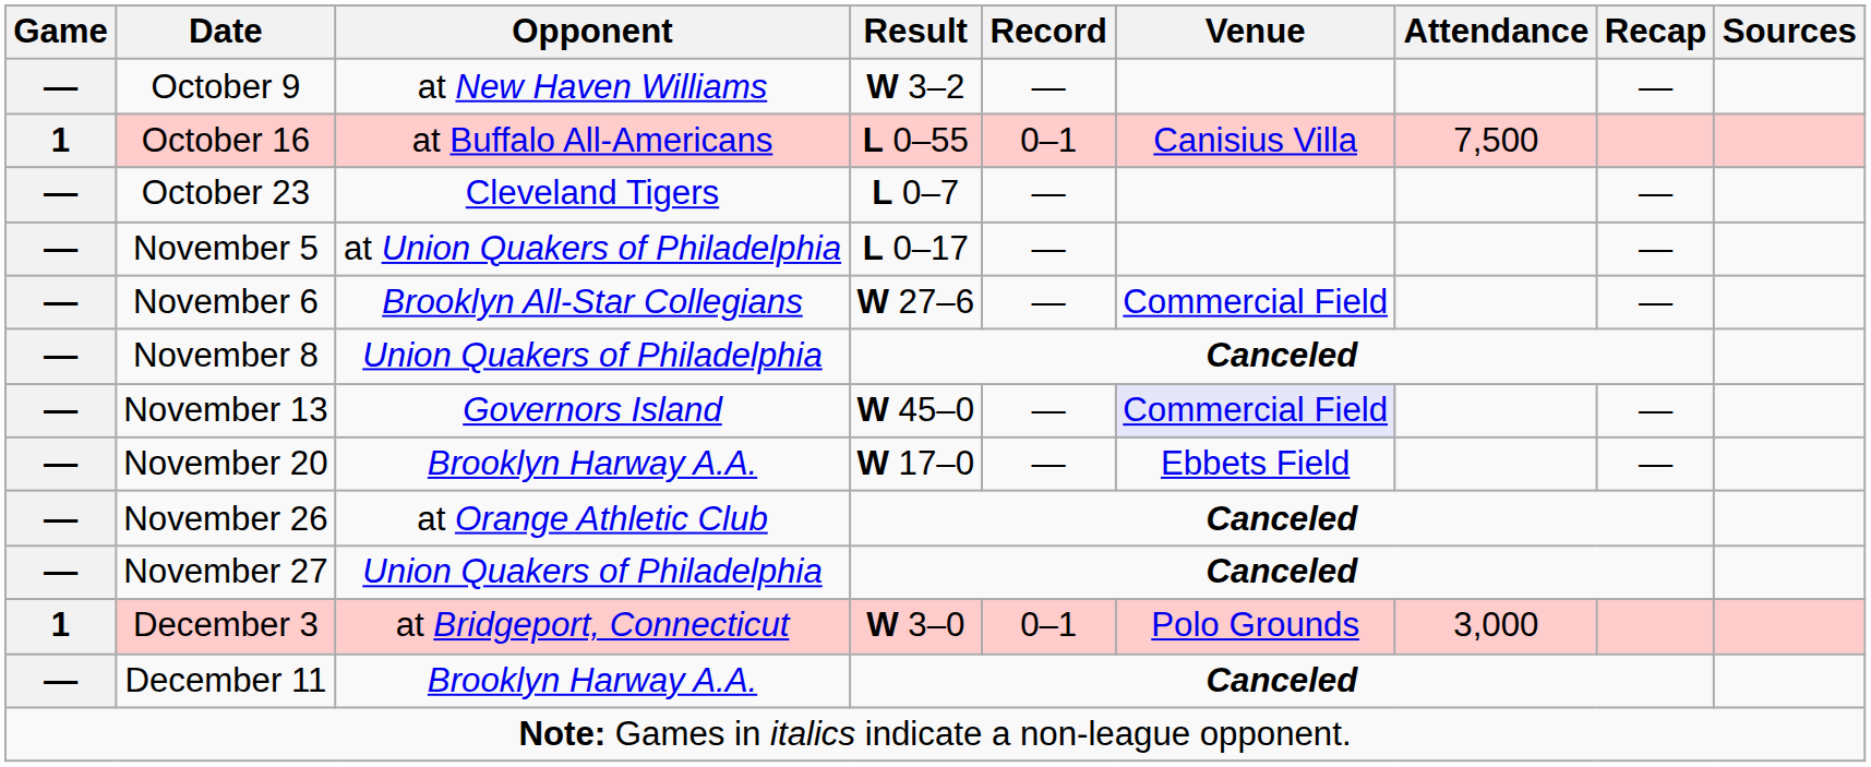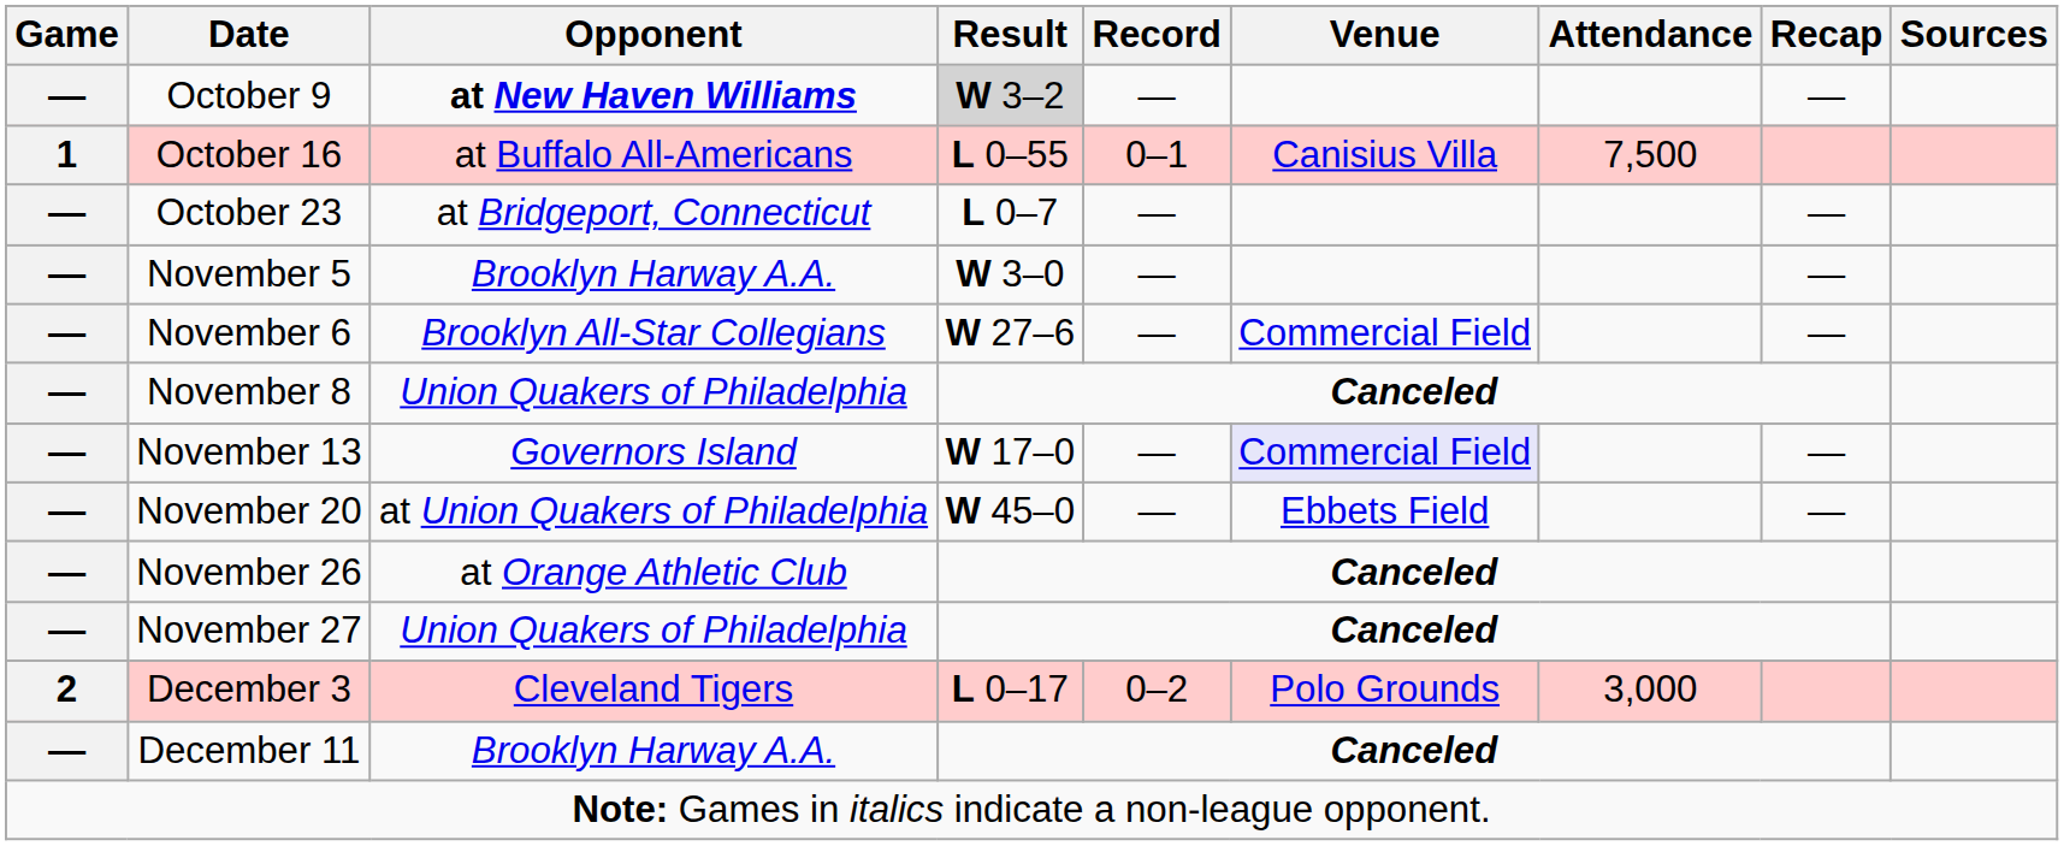 <table class="wikitable" style="text-align:center">
 <tr>
 <th>Game</th>
 <th>Date</th>
 <th>Opponent</th>
 <th>Result</th>
 <th>Record</th>
 <th>Venue</th>
 <th>Attendance</th>
 <th>Recap</th>
 <th>Sources</th>
 </tr>
 <tr>
 <th>—</th>
 <td>October 9</td>
-<td>at <em><a href='#'>New Haven Williams</a></em></td>
-<td><strong>W</strong> 3–2</td>
+<td><strong>at <em><a href='#'>New Haven Williams</a></em></strong></td>
+<td style="background: lightgrey;"><strong>W</strong> 3–2</td>
 <td>—</td>
 <td></td>
 <td></td>
 <td>—</td>
 <td></td>
 </tr>
 <tr style="background:#fcc">
 <th>1</th>
 <td>October 16</td>
 <td>at <a href='#'>Buffalo All-Americans</a></td>
 <td><strong>L</strong> 0–55</td>
 <td>0–1</td>
 <td><a href='#'>Canisius Villa</a></td>
 <td>7,500</td>
 <td></td>
 <td></td>
 </tr>
 <tr>
 <th>—</th>
 <td>October 23</td>
-<td><a href='#'>Cleveland Tigers</a></td>
+<td>at <em><a href='#'>Bridgeport, Connecticut</a></em></td>
 <td><strong>L</strong> 0–7</td>
 <td>—</td>
 <td></td>
 <td></td>
 <td>—</td>
 <td></td>
 </tr>
 <tr>
 <th>—</th>
 <td>November 5</td>
-<td>at <em><a href='#'>Union Quakers of Philadelphia</a></em></td>
-<td><strong>L</strong> 0–17</td>
+<td><em><a href='#'>Brooklyn Harway A.A.</a></em></td>
+<td><strong>W</strong> 3–0</td>
 <td>—</td>
 <td></td>
 <td></td>
 <td>—</td>
 <td></td>
 </tr>
 <tr>
 <th>—</th>
 <td>November 6</td>
 <td><em><a href='#'>Brooklyn All-Star Collegians</a></em></td>
 <td><strong>W</strong> 27–6</td>
 <td>—</td>
 <td><a href='#'>Commercial Field</a></td>
 <td></td>
 <td>—</td>
 <td></td>
 </tr>
 <tr>
 <th>—</th>
 <td>November 8</td>
 <td><em><a href='#'>Union Quakers of Philadelphia</a></em></td>
 <td colspan="5"><strong><em>Canceled</em></strong></td>
 <td></td>
 </tr>
 <tr>
 <th>—</th>
 <td>November 13</td>
 <td><em><a href='#'>Governors Island</a></em></td>
-<td><strong>W</strong> 45–0</td>
+<td><strong>W</strong> 17–0</td>
 <td>—</td>
 <td style="background: lavender;"><a href='#'>Commercial Field</a></td>
 <td></td>
 <td>—</td>
 <td></td>
 </tr>
 <tr>
 <th>—</th>
 <td>November 20</td>
-<td><em><a href='#'>Brooklyn Harway A.A.</a></em></td>
-<td><strong>W</strong> 17–0</td>
+<td>at <em><a href='#'>Union Quakers of Philadelphia</a></em></td>
+<td><strong>W</strong> 45–0</td>
 <td>—</td>
 <td><a href='#'>Ebbets Field</a></td>
 <td></td>
 <td>—</td>
 <td></td>
 </tr>
 <tr>
 <th>—</th>
 <td>November 26</td>
 <td>at <em><a href='#'>Orange Athletic Club</a></em></td>
 <td colspan="5"><strong><em>Canceled</em></strong></td>
 <td></td>
 </tr>
 <tr style="background:bababa">
 <th>—</th>
 <td>November 27</td>
 <td><em><a href='#'>Union Quakers of Philadelphia</a></em></td>
 <td colspan="5"><strong><em>Canceled</em></strong></td>
 <td></td>
 </tr>
 <tr style="background:#fcc">
-<th>1</th>
+<th>2</th>
 <td>December 3</td>
-<td>at <em><a href='#'>Bridgeport, Connecticut</a></em></td>
-<td><strong>W</strong> 3–0</td>
-<td>0–1</td>
+<td><a href='#'>Cleveland Tigers</a></td>
+<td><strong>L</strong> 0–17</td>
+<td>0–2</td>
 <td><a href='#'>Polo Grounds</a></td>
 <td>3,000</td>
 <td></td>
 <td></td>
 </tr>
 <tr>
 <th>—</th>
 <td>December 11</td>
 <td><em><a href='#'>Brooklyn Harway A.A.</a></em></td>
 <td colspan="5"><strong><em>Canceled</em></strong></td>
 <td></td>
 </tr>
 <tr>
 <td colspan="10"><strong>Note:</strong> Games in <em>italics</em> indicate a non-league opponent.</td>
 </tr>
 </table>
